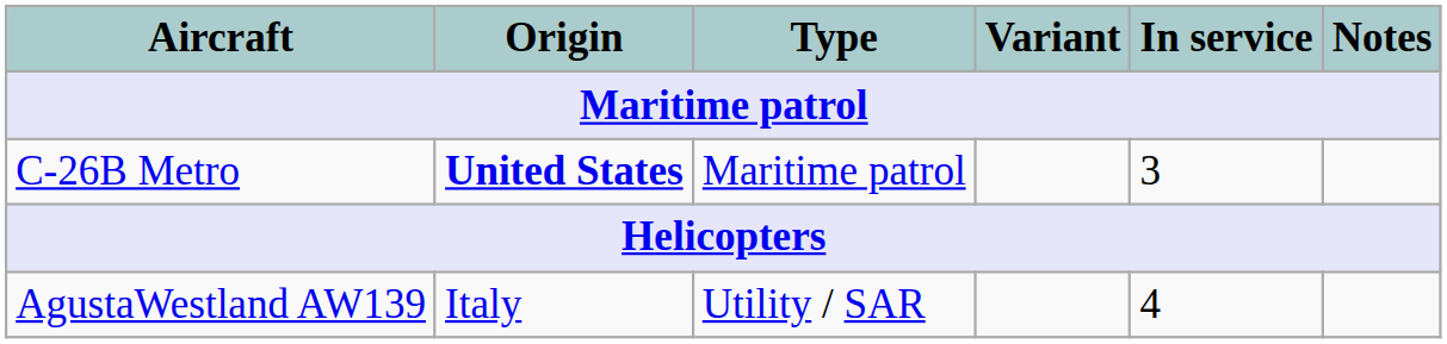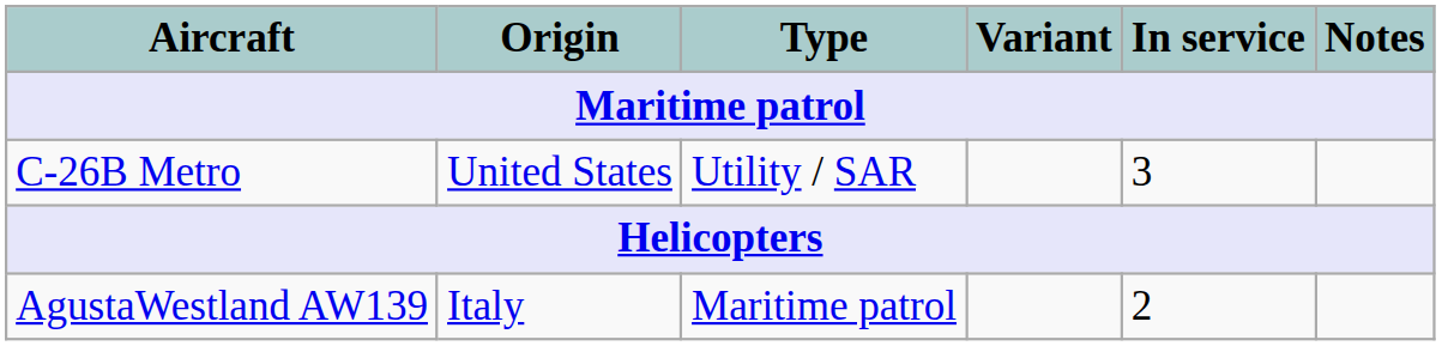 <table class="wikitable">
 <tr>
 <th style="text-align:center; background:#acc;">Aircraft</th>
 <th style="text-align: center; background:#acc;">Origin</th>
 <th style="text-align:l center; background:#acc;">Type</th>
 <th style="text-align:left; background:#acc;">Variant</th>
 <th style="text-align:center; background:#acc;">In service</th>
 <th style="text-align: center; background:#acc;">Notes</th>
 </tr>
 <tr>
 <th style="align: center; background: lavender;" colspan="7"><a href='#'>Maritime patrol</a></th>
 </tr>
 <tr>
 <td><a href='#'>C-26B Metro</a></td>
-<td><strong><a href='#'>United States</a></strong></td>
-<td><a href='#'>Maritime patrol</a></td>
+<td><a href='#'>United States</a></td>
+<td><a href='#'>Utility</a> / <a href='#'>SAR</a></td>
 <td></td>
 <td>3</td>
 <td></td>
 </tr>
 <tr>
 <th style="align: center; background: lavender;" colspan="7"><a href='#'>Helicopters</a></th>
 </tr>
 <tr>
 <td><a href='#'>AgustaWestland AW139</a></td>
 <td><a href='#'>Italy</a></td>
-<td><a href='#'>Utility</a> / <a href='#'>SAR</a></td>
+<td><a href='#'>Maritime patrol</a></td>
 <td></td>
-<td>4</td>
+<td>2</td>
 <td></td>
 </tr>
 </table>
